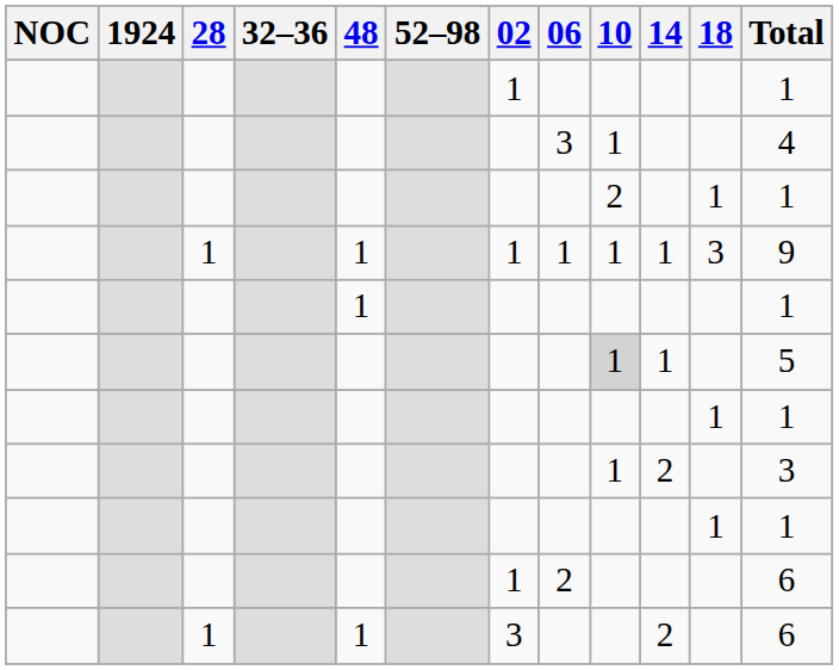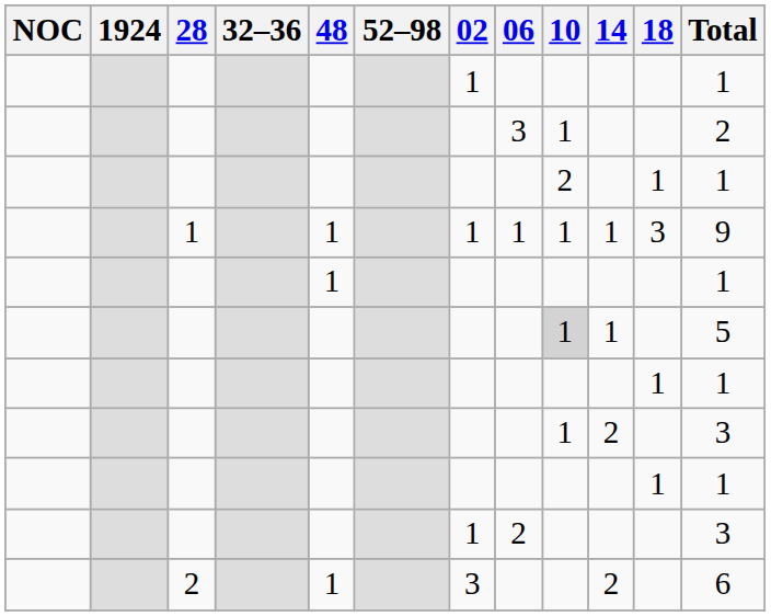 <table class="wikitable sortable" style="text-align:center">
 <tr>
 <th>NOC</th>
 <th class=unsortable><span>1924</span></th>
 <th><a href='#'>28</a></th>
 <th class=unsortable><span>32–36</span></th>
 <th><a href='#'>48</a></th>
 <th class=unsortable><span>52–98</span></th>
 <th><a href='#'>02</a></th>
 <th><a href='#'>06</a></th>
 <th><a href='#'>10</a></th>
 <th><a href='#'>14</a></th>
 <th><a href='#'>18</a></th>
 <th>Total</th>
 </tr>
 <tr>
 <td align=left></td>
 <td style="background:#ddd"> </td>
 <td></td>
 <td style="background:#ddd"> </td>
 <td></td>
 <td style="background:#ddd"> </td>
 <td>1</td>
 <td></td>
 <td></td>
 <td></td>
 <td></td>
 <td>1</td>
 </tr>
 <tr>
 <td align=left></td>
 <td style="background:#ddd"> </td>
 <td></td>
 <td style="background:#ddd"> </td>
 <td></td>
 <td style="background:#ddd"> </td>
 <td></td>
 <td>3</td>
 <td>1</td>
 <td></td>
 <td></td>
-<td>4</td>
+<td>2</td>
 </tr>
 <tr>
 <td align=left></td>
 <td style="background:#ddd"> </td>
 <td></td>
 <td style="background:#ddd"> </td>
 <td></td>
 <td style="background:#ddd"> </td>
 <td></td>
 <td></td>
 <td>2</td>
 <td></td>
 <td>1</td>
 <td>1</td>
 </tr>
 <tr>
 <td align=left></td>
 <td style="background:#ddd"> </td>
 <td>1</td>
 <td style="background:#ddd"> </td>
 <td>1</td>
 <td style="background:#ddd"> </td>
 <td>1</td>
 <td>1</td>
 <td>1</td>
 <td>1</td>
 <td>3</td>
 <td>9</td>
 </tr>
 <tr>
 <td align=left></td>
 <td style="background:#ddd"> </td>
 <td></td>
 <td style="background:#ddd"> </td>
 <td>1</td>
 <td style="background:#ddd"> </td>
 <td></td>
 <td></td>
 <td></td>
 <td></td>
 <td></td>
 <td>1</td>
 </tr>
 <tr>
 <td align=left></td>
 <td style="background:#ddd"> </td>
 <td></td>
 <td style="background:#ddd"> </td>
 <td></td>
 <td style="background:#ddd"> </td>
 <td></td>
 <td></td>
 <td style="background: lightgrey;">1</td>
 <td>1</td>
 <td></td>
 <td>5</td>
 </tr>
 <tr>
 <td align=left></td>
 <td style="background:#ddd"> </td>
 <td></td>
 <td style="background:#ddd"> </td>
 <td></td>
 <td style="background:#ddd"> </td>
 <td></td>
 <td></td>
 <td></td>
 <td></td>
 <td>1</td>
 <td>1</td>
 </tr>
 <tr>
 <td align=left></td>
 <td style="background:#ddd"> </td>
 <td></td>
 <td style="background:#ddd"> </td>
 <td></td>
 <td style="background:#ddd"> </td>
 <td></td>
 <td></td>
 <td>1</td>
 <td>2</td>
 <td></td>
 <td>3</td>
 </tr>
 <tr>
 <td align=left></td>
 <td style="background:#ddd"> </td>
 <td></td>
 <td style="background:#ddd"> </td>
 <td></td>
 <td style="background:#ddd"> </td>
 <td></td>
 <td></td>
 <td></td>
 <td></td>
 <td>1</td>
 <td>1</td>
 </tr>
 <tr>
 <td align=left></td>
 <td style="background:#ddd"> </td>
 <td></td>
 <td style="background:#ddd"> </td>
 <td></td>
 <td style="background:#ddd"> </td>
 <td>1</td>
 <td>2</td>
 <td></td>
 <td></td>
 <td></td>
-<td>6</td>
+<td>3</td>
 </tr>
 <tr>
 <td align=left></td>
 <td style="background:#ddd"> </td>
-<td>1</td>
+<td>2</td>
 <td style="background:#ddd"> </td>
 <td>1</td>
 <td style="background:#ddd"> </td>
 <td>3</td>
 <td></td>
 <td></td>
 <td>2</td>
 <td></td>
 <td>6</td>
 </tr>
 </table>
